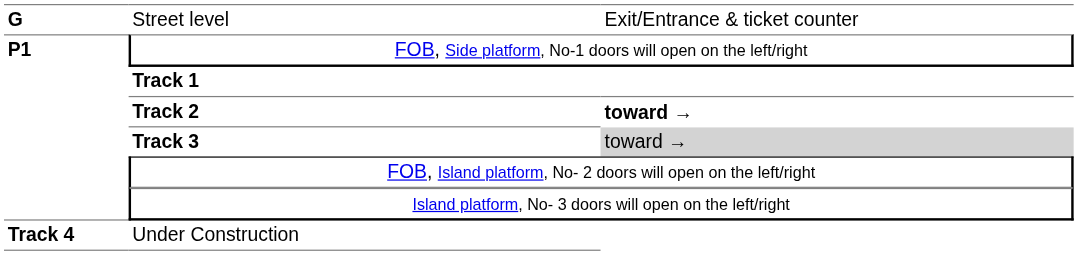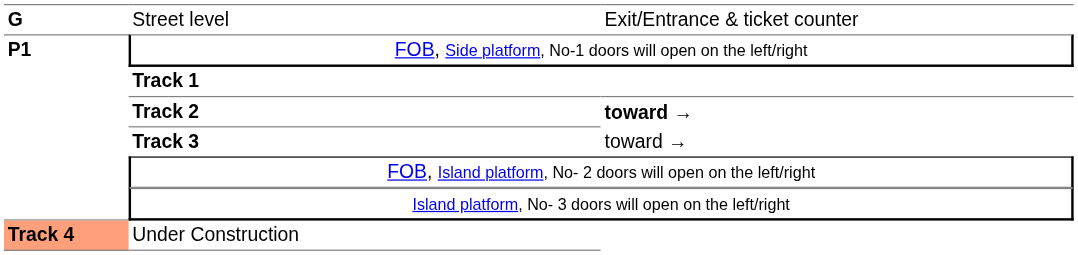 <table table border=0 cellspacing=0 cellpadding=3>
 <tr>
 <td style="border-top:solid 1px gray;" width=50 valign=top><strong>G</strong></td>
 <td style="border-top:solid 1px gray;" width=100 valign=top>Street level</td>
 <td style="border-top:solid 1px gray;" width=400 valign=top>Exit/Entrance & ticket counter</td>
 </tr>
 <tr>
 <td style="border-top:solid 1px gray;border-bottom:solid 1px gray;" width=50 rowspan=6 valign=top><strong>P1</strong></td>
 <td style="border-top:solid 1px gray;border-right:solid 2px black;border-left:solid 2px black;border-bottom:solid 2px black;text-align:center;" colspan=2><a href='#'>FOB</a>, <small><a href='#'>Side platform</a>, No-1 doors will open on the left/right</small></td>
 </tr>
 <tr>
 <td style="border-bottom:solid 1px gray;" width=100><strong>Track 1</strong></td>
 <td style="border-bottom:solid 1px gray;" width=400></td>
 </tr>
 <tr>
 <td style="border-bottom:solid 1px gray;" width=100><strong>Track 2</strong></td>
 <td><strong>  toward →</strong></td>
 </tr>
 <tr>
 <td><strong>Track 3</strong></td>
-<td style="background: lightgrey;">  toward →</td>
+<td>  toward →</td>
 </tr>
 <tr>
 <td style="border-top:solid 1px black;border-right:solid 2px black;border-left:solid 2px black;border-bottom:solid 1px gray;text-align:center;" colspan=2><a href='#'>FOB</a>, <small><a href='#'>Island platform</a>, No- 2 doors will open on the left/right</small></td>
 </tr>
 <tr>
 <td style="border-top:solid 1px gray;border-right:solid 2px black;border-left:solid 2px black;border-bottom:solid 2px black;text-align:center;" colspan=2><small><a href='#'>Island platform</a>, No- 3 doors will open on the left/right</small></td>
 </tr>
 <tr>
-<td style="border-bottom:solid 1px gray;" width=100><strong>Track 4</strong></td>
+<td style="background: lightsalmon; border-bottom:solid 1px gray;" width=100><strong>Track 4</strong></td>
 <td style="border-bottom:solid 1px gray;" width=400>Under Construction</td>
 </tr>
 </table>
